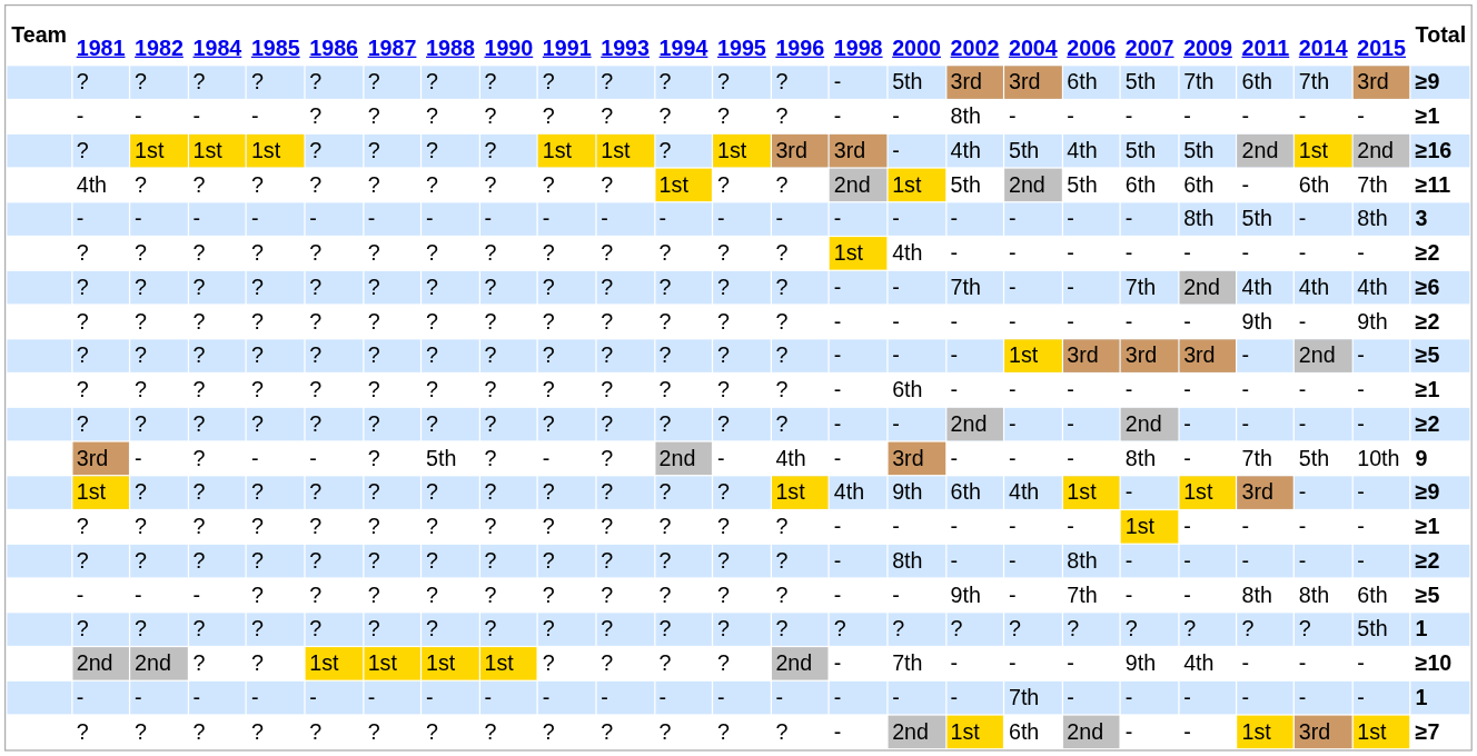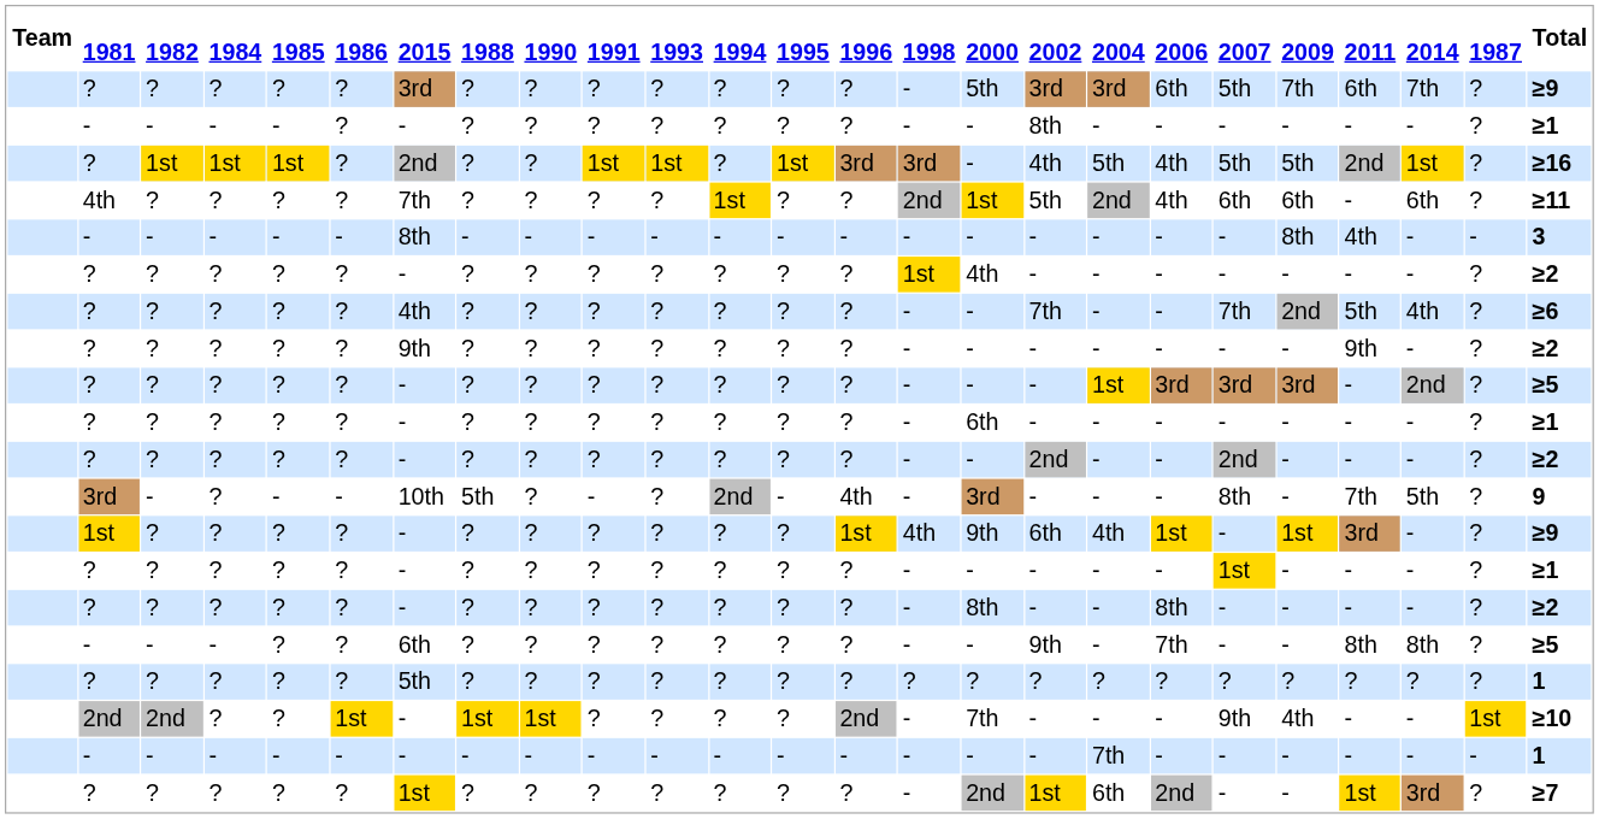 <table border="0" cellspacing="1" cellpadding="3" style="border: 1px solid #aaaaaa;">
 <tr bgcolor=>
 <td><strong>Team</strong></td>
 <td><strong><br><a href='#'>1981</a></strong></td>
 <td><strong><br><a href='#'>1982</a></strong></td>
 <td><strong><br><a href='#'>1984</a></strong></td>
 <td><strong><br><a href='#'>1985</a></strong></td>
 <td><strong><br><a href='#'>1986</a></strong></td>
-<td><strong><br><a href='#'>1987</a></strong></td>
+<td><strong><br><a href='#'>2015</a></strong></td>
 <td><strong><br><a href='#'>1988</a></strong></td>
 <td><strong><br><a href='#'>1990</a></strong></td>
 <td><strong><br><a href='#'>1991</a></strong></td>
 <td><strong><br><a href='#'>1993</a></strong></td>
 <td><strong><br><a href='#'>1994</a></strong></td>
 <td><strong><br><a href='#'>1995</a></strong></td>
 <td><strong><br><a href='#'>1996</a></strong></td>
 <td><strong><br><a href='#'>1998</a></strong></td>
 <td><strong><br><a href='#'>2000</a></strong></td>
 <td><strong><br><a href='#'>2002</a></strong></td>
 <td><strong><br><a href='#'>2004</a></strong></td>
 <td><strong><br><a href='#'>2006</a></strong></td>
 <td><strong><br><a href='#'>2007</a></strong></td>
 <td><strong><br><a href='#'>2009</a></strong></td>
 <td><strong><br><a href='#'>2011</a></strong></td>
 <td><strong><br><a href='#'>2014</a></strong></td>
-<td><strong><br><a href='#'>2015</a></strong></td>
+<td><strong><br><a href='#'>1987</a></strong></td>
 <td><strong>Total</strong></td>
 </tr>
 <tr bgcolor=#D0E6FF>
 <td></td>
 <td>?</td>
 <td>?</td>
 <td>?</td>
 <td>?</td>
 <td>?</td>
-<td>?</td>
+<td bgcolor=cc9966>3rd</td>
 <td>?</td>
 <td>?</td>
 <td>?</td>
 <td>?</td>
 <td>?</td>
 <td>?</td>
 <td>?</td>
 <td>-</td>
 <td>5th</td>
 <td bgcolor=cc9966>3rd</td>
 <td bgcolor=cc9966>3rd</td>
 <td>6th</td>
 <td>5th</td>
 <td>7th</td>
 <td>6th</td>
 <td>7th</td>
-<td bgcolor=cc9966>3rd</td>
+<td>?</td>
 <td><strong>≥9</strong></td>
 </tr>
 <tr bgcolor=#FFFFFF>
 <td></td>
 <td>-</td>
 <td>-</td>
 <td>-</td>
 <td>-</td>
 <td>?</td>
-<td>?</td>
+<td>-</td>
 <td>?</td>
 <td>?</td>
 <td>?</td>
 <td>?</td>
 <td>?</td>
 <td>?</td>
 <td>?</td>
 <td>-</td>
 <td>-</td>
 <td>8th</td>
 <td>-</td>
 <td>-</td>
 <td>-</td>
 <td>-</td>
 <td>-</td>
 <td>-</td>
-<td>-</td>
+<td>?</td>
 <td><strong>≥1</strong></td>
 </tr>
 <tr bgcolor=#D0E6FF>
 <td></td>
 <td>?</td>
 <td bgcolor=gold>1st</td>
 <td bgcolor=gold>1st</td>
 <td bgcolor=gold>1st</td>
 <td>?</td>
-<td>?</td>
+<td bgcolor=silver>2nd</td>
 <td>?</td>
 <td>?</td>
 <td bgcolor=gold>1st</td>
 <td bgcolor=gold>1st</td>
 <td>?</td>
 <td bgcolor=gold>1st</td>
 <td bgcolor=cc9966>3rd</td>
 <td bgcolor=cc9966>3rd</td>
 <td>-</td>
 <td>4th</td>
 <td>5th</td>
 <td>4th</td>
 <td>5th</td>
 <td>5th</td>
 <td bgcolor=silver>2nd</td>
 <td bgcolor=gold>1st</td>
-<td bgcolor=silver>2nd</td>
+<td>?</td>
 <td><strong>≥16</strong></td>
 </tr>
 <tr bgcolor=#FFFFFF>
 <td></td>
 <td>4th</td>
 <td>?</td>
 <td>?</td>
 <td>?</td>
 <td>?</td>
-<td>?</td>
+<td>7th</td>
 <td>?</td>
 <td>?</td>
 <td>?</td>
 <td>?</td>
 <td bgcolor=gold>1st</td>
 <td>?</td>
 <td>?</td>
 <td bgcolor=silver>2nd</td>
 <td bgcolor=gold>1st</td>
 <td>5th</td>
 <td bgcolor=silver>2nd</td>
-<td>5th</td>
+<td>4th</td>
 <td>6th</td>
 <td>6th</td>
 <td>-</td>
 <td>6th</td>
-<td>7th</td>
+<td>?</td>
 <td><strong>≥11</strong></td>
 </tr>
 <tr bgcolor=#D0E6FF>
 <td></td>
 <td>-</td>
 <td>-</td>
 <td>-</td>
 <td>-</td>
 <td>-</td>
-<td>-</td>
+<td>8th</td>
 <td>-</td>
 <td>-</td>
 <td>-</td>
 <td>-</td>
 <td>-</td>
 <td>-</td>
 <td>-</td>
 <td>-</td>
 <td>-</td>
 <td>-</td>
 <td>-</td>
 <td>-</td>
 <td>-</td>
 <td>8th</td>
-<td>5th</td>
+<td>4th</td>
 <td>-</td>
-<td>8th</td>
+<td>-</td>
 <td><strong>3</strong></td>
 </tr>
 <tr bgcolor=#FFFFFF>
 <td></td>
 <td>?</td>
 <td>?</td>
 <td>?</td>
 <td>?</td>
 <td>?</td>
-<td>?</td>
+<td>-</td>
 <td>?</td>
 <td>?</td>
 <td>?</td>
 <td>?</td>
 <td>?</td>
 <td>?</td>
 <td>?</td>
 <td bgcolor=gold>1st</td>
 <td>4th</td>
 <td>-</td>
 <td>-</td>
 <td>-</td>
 <td>-</td>
 <td>-</td>
 <td>-</td>
 <td>-</td>
-<td>-</td>
+<td>?</td>
 <td><strong>≥2</strong></td>
 </tr>
 <tr bgcolor=#D0E6FF>
 <td></td>
 <td>?</td>
 <td>?</td>
 <td>?</td>
 <td>?</td>
 <td>?</td>
-<td>?</td>
+<td>4th</td>
 <td>?</td>
 <td>?</td>
 <td>?</td>
 <td>?</td>
 <td>?</td>
 <td>?</td>
 <td>?</td>
 <td>-</td>
 <td>-</td>
 <td>7th</td>
 <td>-</td>
 <td>-</td>
 <td>7th</td>
 <td bgcolor=silver>2nd</td>
+<td>5th</td>
 <td>4th</td>
-<td>4th</td>
-<td>4th</td>
+<td>?</td>
 <td><strong>≥6</strong></td>
 </tr>
 <tr bgcolor=#FFFFFF>
 <td></td>
 <td>?</td>
 <td>?</td>
 <td>?</td>
 <td>?</td>
 <td>?</td>
-<td>?</td>
+<td>9th</td>
 <td>?</td>
 <td>?</td>
 <td>?</td>
 <td>?</td>
 <td>?</td>
 <td>?</td>
 <td>?</td>
 <td>-</td>
 <td>-</td>
 <td>-</td>
 <td>-</td>
 <td>-</td>
 <td>-</td>
 <td>-</td>
 <td>9th</td>
 <td>-</td>
-<td>9th</td>
+<td>?</td>
 <td><strong>≥2</strong></td>
 </tr>
 <tr bgcolor=#D0E6FF>
 <td></td>
 <td>?</td>
 <td>?</td>
 <td>?</td>
 <td>?</td>
 <td>?</td>
-<td>?</td>
+<td>-</td>
 <td>?</td>
 <td>?</td>
 <td>?</td>
 <td>?</td>
 <td>?</td>
 <td>?</td>
 <td>?</td>
 <td>-</td>
 <td>-</td>
 <td>-</td>
 <td bgcolor=gold>1st</td>
 <td bgcolor=cc9966>3rd</td>
 <td bgcolor=cc9966>3rd</td>
 <td bgcolor=cc9966>3rd</td>
 <td>-</td>
 <td bgcolor=silver>2nd</td>
-<td>-</td>
+<td>?</td>
 <td><strong>≥5</strong></td>
 </tr>
 <tr bgcolor=#FFFFFF>
 <td></td>
 <td>?</td>
 <td>?</td>
 <td>?</td>
 <td>?</td>
 <td>?</td>
-<td>?</td>
+<td>-</td>
 <td>?</td>
 <td>?</td>
 <td>?</td>
 <td>?</td>
 <td>?</td>
 <td>?</td>
 <td>?</td>
 <td>-</td>
 <td>6th</td>
 <td>-</td>
 <td>-</td>
 <td>-</td>
 <td>-</td>
 <td>-</td>
 <td>-</td>
 <td>-</td>
-<td>-</td>
+<td>?</td>
 <td><strong>≥1</strong></td>
 </tr>
 <tr bgcolor=#D0E6FF>
 <td></td>
 <td>?</td>
 <td>?</td>
 <td>?</td>
 <td>?</td>
 <td>?</td>
-<td>?</td>
+<td>-</td>
 <td>?</td>
 <td>?</td>
 <td>?</td>
 <td>?</td>
 <td>?</td>
 <td>?</td>
 <td>?</td>
 <td>-</td>
 <td>-</td>
 <td bgcolor=silver>2nd</td>
 <td>-</td>
 <td>-</td>
 <td bgcolor=silver>2nd</td>
 <td>-</td>
 <td>-</td>
 <td>-</td>
-<td>-</td>
+<td>?</td>
 <td><strong>≥2</strong></td>
 </tr>
 <tr bgcolor=#FFFFFF>
 <td></td>
 <td bgcolor=cc9966>3rd</td>
 <td>-</td>
 <td>?</td>
 <td>-</td>
 <td>-</td>
-<td>?</td>
+<td>10th</td>
 <td>5th</td>
 <td>?</td>
 <td>-</td>
 <td>?</td>
 <td bgcolor=silver>2nd</td>
 <td>-</td>
 <td>4th</td>
 <td>-</td>
 <td bgcolor=cc9966>3rd</td>
 <td>-</td>
 <td>-</td>
 <td>-</td>
 <td>8th</td>
 <td>-</td>
 <td>7th</td>
 <td>5th</td>
-<td>10th</td>
+<td>?</td>
 <td><strong>9</strong></td>
 </tr>
 <tr bgcolor=#D0E6FF>
 <td></td>
 <td bgcolor=gold>1st</td>
 <td>?</td>
 <td>?</td>
 <td>?</td>
 <td>?</td>
-<td>?</td>
+<td>-</td>
 <td>?</td>
 <td>?</td>
 <td>?</td>
 <td>?</td>
 <td>?</td>
 <td>?</td>
 <td bgcolor=gold>1st</td>
 <td>4th</td>
 <td>9th</td>
 <td>6th</td>
 <td>4th</td>
 <td bgcolor=gold>1st</td>
 <td>-</td>
 <td bgcolor=gold>1st</td>
 <td bgcolor=cc9966>3rd</td>
 <td>-</td>
-<td>-</td>
+<td>?</td>
 <td><strong>≥9</strong></td>
 </tr>
 <tr bgcolor=#FFFFFF>
 <td></td>
 <td>?</td>
 <td>?</td>
 <td>?</td>
 <td>?</td>
 <td>?</td>
-<td>?</td>
+<td>-</td>
 <td>?</td>
 <td>?</td>
 <td>?</td>
 <td>?</td>
 <td>?</td>
 <td>?</td>
 <td>?</td>
 <td>-</td>
 <td>-</td>
 <td>-</td>
 <td>-</td>
 <td>-</td>
 <td bgcolor=gold>1st</td>
 <td>-</td>
 <td>-</td>
 <td>-</td>
-<td>-</td>
+<td>?</td>
 <td><strong>≥1</strong></td>
 </tr>
 <tr bgcolor=#D0E6FF>
 <td></td>
 <td>?</td>
 <td>?</td>
 <td>?</td>
 <td>?</td>
 <td>?</td>
-<td>?</td>
+<td>-</td>
 <td>?</td>
 <td>?</td>
 <td>?</td>
 <td>?</td>
 <td>?</td>
 <td>?</td>
 <td>?</td>
 <td>-</td>
 <td>8th</td>
 <td>-</td>
 <td>-</td>
 <td>8th</td>
 <td>-</td>
 <td>-</td>
 <td>-</td>
 <td>-</td>
-<td>-</td>
+<td>?</td>
 <td><strong>≥2</strong></td>
 </tr>
 <tr bgcolor=#FFFFFF>
 <td></td>
 <td>-</td>
 <td>-</td>
 <td>-</td>
 <td>?</td>
 <td>?</td>
-<td>?</td>
+<td>6th</td>
 <td>?</td>
 <td>?</td>
 <td>?</td>
 <td>?</td>
 <td>?</td>
 <td>?</td>
 <td>?</td>
 <td>-</td>
 <td>-</td>
 <td>9th</td>
 <td>-</td>
 <td>7th</td>
 <td>-</td>
 <td>-</td>
 <td>8th</td>
 <td>8th</td>
-<td>6th</td>
+<td>?</td>
 <td><strong>≥5</strong></td>
 </tr>
 <tr bgcolor=#D0E6FF>
 <td></td>
+<td>?</td>
+<td>?</td>
+<td>?</td>
+<td>?</td>
+<td>?</td>
+<td>5th</td>
 <td>?</td>
 <td>?</td>
 <td>?</td>
 <td>?</td>
 <td>?</td>
 <td>?</td>
 <td>?</td>
 <td>?</td>
 <td>?</td>
 <td>?</td>
 <td>?</td>
 <td>?</td>
 <td>?</td>
 <td>?</td>
 <td>?</td>
 <td>?</td>
 <td>?</td>
-<td>?</td>
-<td>?</td>
-<td>?</td>
-<td>?</td>
-<td>?</td>
-<td>5th</td>
 <td><strong>1</strong></td>
 </tr>
 <tr bgcolor=#FFFFFF>
 <td></td>
 <td bgcolor=silver>2nd</td>
 <td bgcolor=silver>2nd</td>
 <td>?</td>
 <td>?</td>
 <td bgcolor=gold>1st</td>
-<td bgcolor=gold>1st</td>
+<td>-</td>
 <td bgcolor=gold>1st</td>
 <td bgcolor=gold>1st</td>
 <td>?</td>
 <td>?</td>
 <td>?</td>
 <td>?</td>
 <td bgcolor=silver>2nd</td>
 <td>-</td>
 <td>7th</td>
 <td>-</td>
 <td>-</td>
 <td>-</td>
 <td>9th</td>
 <td>4th</td>
 <td>-</td>
 <td>-</td>
-<td>-</td>
+<td bgcolor=gold>1st</td>
 <td><strong>≥10</strong></td>
 </tr>
 <tr bgcolor=#D0E6FF>
 <td></td>
 <td>-</td>
 <td>-</td>
 <td>-</td>
 <td>-</td>
 <td>-</td>
 <td>-</td>
 <td>-</td>
 <td>-</td>
 <td>-</td>
 <td>-</td>
 <td>-</td>
 <td>-</td>
 <td>-</td>
 <td>-</td>
 <td>-</td>
 <td>-</td>
 <td>7th</td>
 <td>-</td>
 <td>-</td>
 <td>-</td>
 <td>-</td>
 <td>-</td>
 <td>-</td>
 <td><strong>1</strong></td>
 </tr>
 <tr bgcolor=#FFFFFF>
 <td></td>
 <td>?</td>
 <td>?</td>
 <td>?</td>
 <td>?</td>
 <td>?</td>
-<td>?</td>
+<td bgcolor=gold>1st</td>
 <td>?</td>
 <td>?</td>
 <td>?</td>
 <td>?</td>
 <td>?</td>
 <td>?</td>
 <td>?</td>
 <td>-</td>
 <td bgcolor=silver>2nd</td>
 <td bgcolor=gold>1st</td>
 <td>6th</td>
 <td bgcolor=silver>2nd</td>
 <td>-</td>
 <td>-</td>
 <td bgcolor=gold>1st</td>
 <td bgcolor=cc9966>3rd</td>
-<td bgcolor=gold>1st</td>
+<td>?</td>
 <td><strong>≥7</strong></td>
 </tr>
 </table>
